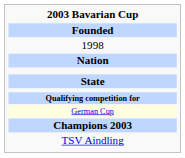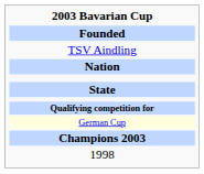 <table class="infobox football" style="width: 16em; text-align: center;">
 <tr>
 <th style="">2003 Bavarian Cup</th>
 </tr>
 <tr>
 <td style="background: #BFD7FF;"><strong>Founded</strong></td>
 </tr>
 <tr>
-<td style="">1998</td>
+<td style=""><a href='#'>TSV Aindling</a></td>
 </tr>
 <tr>
 <td style="background: #BFD7FF;"><strong>Nation</strong></td>
 </tr>
 <tr>
 <td style=""></td>
 </tr>
 <tr>
 <td style="line-height: 15px;"></td>
 </tr>
 <tr>
 <td style="background: #BFD7FF;"><strong>State</strong></td>
 </tr>
 <tr>
 <td style=""></td>
 </tr>
 <tr>
 <td style="font-size: 12px; background: #BFD7FF;"><strong>Qualifying competition for</strong></td>
 </tr>
 <tr>
 <td style="background: lightyellow; font-size: 12px;"><a href='#'>German Cup</a></td>
 </tr>
 <tr>
 <td style="background: #BFD7FF;"><strong>Champions 2003</strong></td>
 </tr>
 <tr>
-<td style=""><a href='#'>TSV Aindling</a></td>
+<td style="">1998</td>
 </tr>
 <tr>
 </tr>
 </table>
